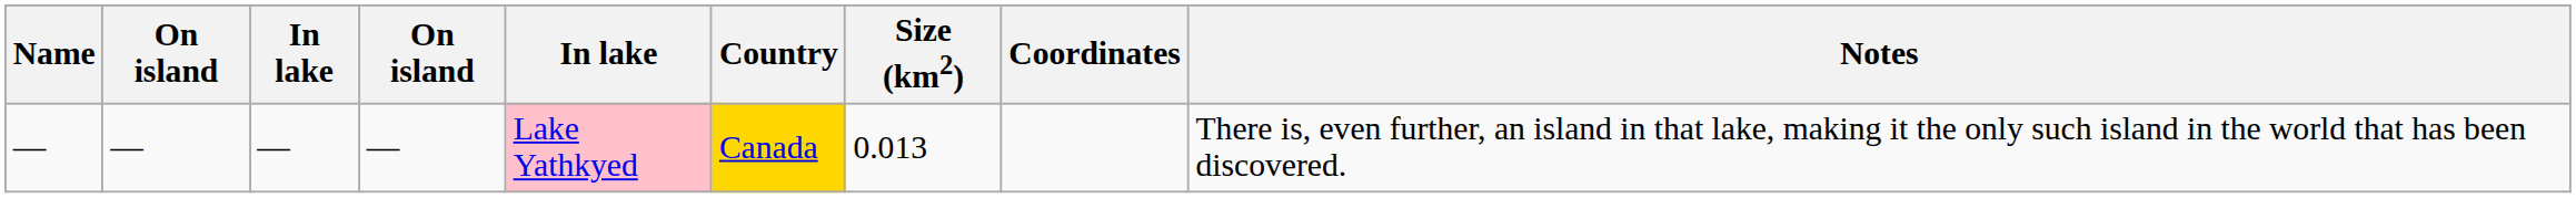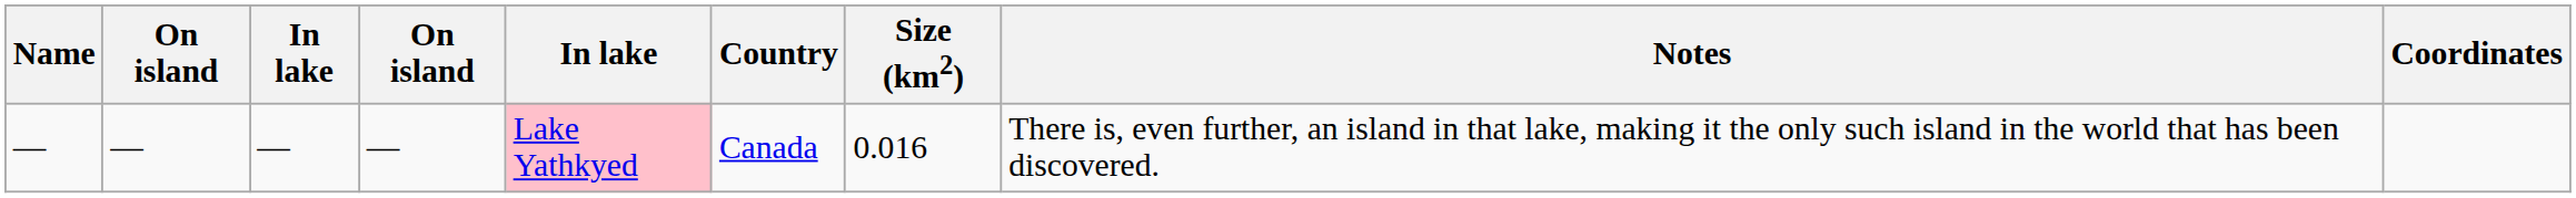 <table class="wikitable">
 <tr>
 <th>Name</th>
 <th>On island</th>
 <th>In lake</th>
 <th>On island</th>
 <th>In lake</th>
 <th>Country</th>
 <th>Size (km<sup>2</sup>)</th>
+<th>Notes</th>
 <th>Coordinates</th>
-<th>Notes</th>
 </tr>
 <tr>
 <td>—</td>
 <td>—</td>
 <td>—</td>
 <td>—</td>
 <td style="background: pink;"><a href='#'>Lake Yathkyed</a></td>
-<td style="background: gold;"><a href='#'>Canada</a></td>
-<td>0.013</td>
+<td><a href='#'>Canada</a></td>
+<td>0.016</td>
+<td>There is, even further, an island in that lake, making it the only such island in the world that has been discovered.</td>
 <td></td>
-<td>There is, even further, an island in that lake, making it the only such island in the world that has been discovered.</td>
 </tr>
 </table>
